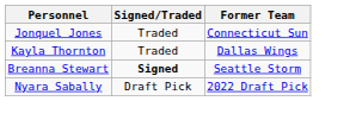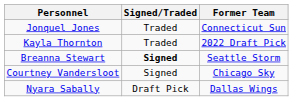 <table class="wikitable" style="text-align: center">
 <tr align="center" bgcolor="#dddddd">
 <th><strong>Personnel</strong></th>
 <th><strong>Signed/Traded</strong></th>
 <th><strong>Former Team</strong></th>
 </tr>
 <tr>
 <td><a href='#'>Jonquel Jones</a></td>
 <td>Traded</td>
 <td><a href='#'>Connecticut Sun</a></td>
 </tr>
 <tr>
 <td><a href='#'>Kayla Thornton</a></td>
 <td>Traded</td>
-<td><a href='#'>Dallas Wings</a></td>
+<td><a href='#'>2022 Draft Pick</a></td>
 </tr>
 <tr>
 <td><a href='#'>Breanna Stewart</a></td>
 <td><strong>Signed</strong></td>
 <td><a href='#'>Seattle Storm</a></td>
 </tr>
 <tr>
+<td><a href='#'>Courtney Vandersloot</a></td>
+<td>Signed</td>
+<td><a href='#'>Chicago Sky</a></td>
+</tr>
+<tr>
 <td><a href='#'>Nyara Sabally</a></td>
 <td>Draft Pick</td>
-<td><a href='#'>2022 Draft Pick</a></td>
+<td><a href='#'>Dallas Wings</a></td>
 </tr>
 </table>
